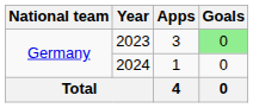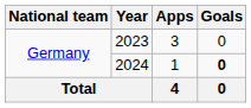 <table class="wikitable" style="text-align: center;">
 <tr>
 <th>National team</th>
 <th>Year</th>
 <th>Apps</th>
 <th>Goals</th>
 </tr>
 <tr>
 <td rowspan=2><a href='#'>Germany</a></td>
 <td>2023</td>
 <td>3</td>
-<td style="background: lightgreen;">0</td>
+<td>0</td>
 </tr>
 <tr>
 <td>2024</td>
 <td>1</td>
-<td>0</td>
+<td><strong>0</strong></td>
 </tr>
 <tr>
 <th colspan="2">Total</th>
 <th>4</th>
 <th>0</th>
 </tr>
 </table>
